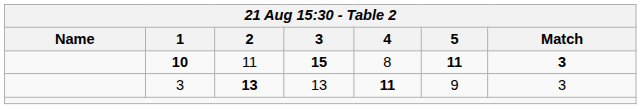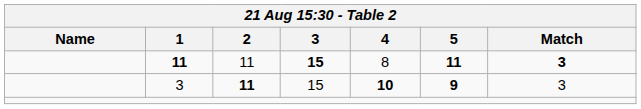 <table class=wikitable style="text-align:center; width: 55%">
 <tr>
 <th colspan=17><em>21 Aug 15:30 - Table 2</em></th>
 </tr>
 <tr>
 <th>Name</th>
 <th>1</th>
 <th>2</th>
 <th>3</th>
 <th>4</th>
 <th>5</th>
 <th>Match</th>
 </tr>
 <tr>
 <td style="text-align:left;"><strong></strong></td>
-<td><strong>10</strong></td>
+<td><strong>11</strong></td>
 <td>11</td>
 <td><strong>15</strong></td>
 <td>8</td>
 <td><strong>11</strong></td>
 <td><strong>3</strong></td>
 </tr>
 <tr>
 <td style="text-align:left;"></td>
 <td>3</td>
-<td><strong>13</strong></td>
-<td>13</td>
 <td><strong>11</strong></td>
-<td>9</td>
+<td>15</td>
+<td><strong>10</strong></td>
+<td><strong>9</strong></td>
 <td>3</td>
 </tr>
 <tr>
 <td colspan=17></td>
 </tr>
 </table>
